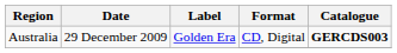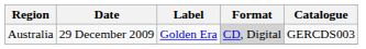 <table class="wikitable">
 <tr>
 <th>Region</th>
 <th>Date</th>
 <th>Label</th>
 <th>Format</th>
 <th>Catalogue</th>
 </tr>
 <tr>
 <td rowspan="2">Australia</td>
 <td rowspan="2">29 December 2009</td>
 <td rowspan="2"><a href='#'>Golden Era</a></td>
-<td rowspan="1"><a href='#'>CD</a>, Digital</td>
-<td><strong>GERCDS003</strong></td>
+<td rowspan="1" style="background: lightgrey;"><a href='#'>CD</a>, Digital</td>
+<td>GERCDS003</td>
 </tr>
 <tr>
 </tr>
 </table>
